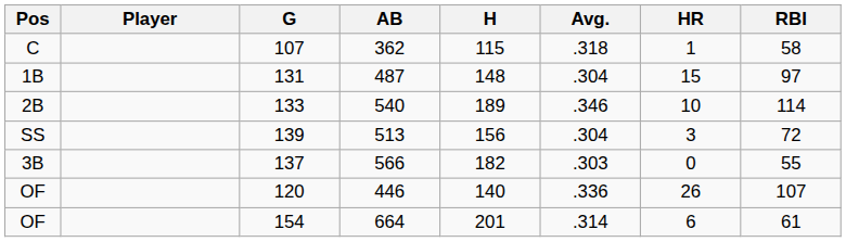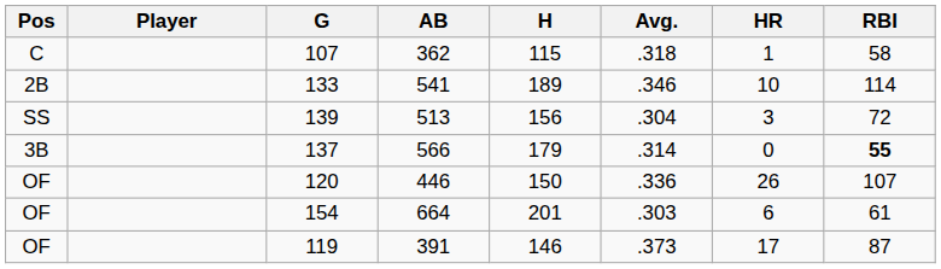 <table class="wikitable sortable">
 <tr>
 <th bgcolor="#DDDDFF" width="5%">Pos</th>
 <th bgcolor="#DDDDFF" width="16%">Player</th>
 <th bgcolor="#DDDDFF" width="9%">G</th>
 <th bgcolor="#DDDDFF" width="9%">AB</th>
 <th bgcolor="#DDDDFF" width="9%">H</th>
 <th bgcolor="#DDDDFF" width="9%">Avg.</th>
 <th bgcolor="#DDDDFF" width="9%">HR</th>
 <th bgcolor="#DDDDFF" width="9%">RBI</th>
 </tr>
 <tr align="center">
 <td>C</td>
 <td></td>
 <td>107</td>
 <td>362</td>
 <td>115</td>
 <td>.318</td>
 <td>1</td>
 <td>58</td>
 </tr>
 <tr align="center">
-<td>1B</td>
-<td></td>
-<td>131</td>
-<td>487</td>
-<td>148</td>
-<td>.304</td>
-<td>15</td>
-<td>97</td>
-</tr>
-<tr align="center">
 <td>2B</td>
 <td></td>
 <td>133</td>
-<td>540</td>
+<td>541</td>
 <td>189</td>
 <td>.346</td>
 <td>10</td>
 <td>114</td>
 </tr>
 <tr align="center">
 <td>SS</td>
 <td></td>
 <td>139</td>
 <td>513</td>
 <td>156</td>
 <td>.304</td>
 <td>3</td>
 <td>72</td>
 </tr>
 <tr align="center">
 <td>3B</td>
 <td></td>
 <td>137</td>
 <td>566</td>
-<td>182</td>
-<td>.303</td>
+<td>179</td>
+<td>.314</td>
 <td>0</td>
-<td>55</td>
+<td><strong>55</strong></td>
 </tr>
 <tr align="center">
 <td>OF</td>
 <td></td>
 <td>120</td>
 <td>446</td>
-<td>140</td>
+<td>150</td>
 <td>.336</td>
 <td>26</td>
 <td>107</td>
 </tr>
 <tr align="center">
 <td>OF</td>
 <td></td>
 <td>154</td>
 <td>664</td>
 <td>201</td>
-<td>.314</td>
+<td>.303</td>
 <td>6</td>
 <td>61</td>
 </tr>
+<tr align="center">
+<td>OF</td>
+<td></td>
+<td>119</td>
+<td>391</td>
+<td>146</td>
+<td>.373</td>
+<td>17</td>
+<td>87</td>
+</tr>
 </table>
